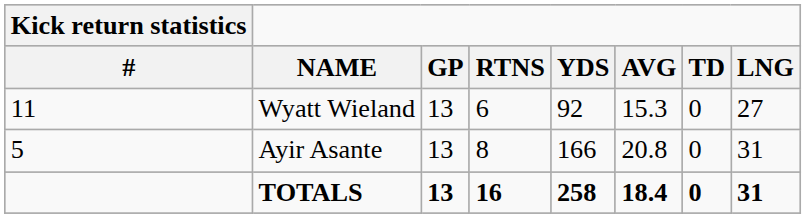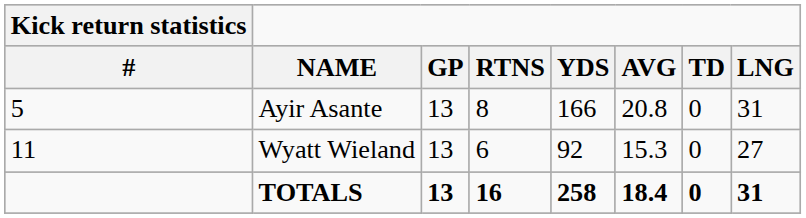 <table class="wikitable collapsible">
 <tr>
 <th style="text-align:center; ">Kick return statistics</th>
 </tr>
 <tr>
 <th>#</th>
 <th>NAME</th>
 <th>GP</th>
 <th>RTNS</th>
 <th>YDS</th>
 <th>AVG</th>
 <th>TD</th>
 <th>LNG</th>
 </tr>
 <tr>
+<td>5</td>
+<td>Ayir Asante</td>
+<td>13</td>
+<td>8</td>
+<td>166</td>
+<td>20.8</td>
+<td>0</td>
+<td>31</td>
+</tr>
+<tr>
 <td>11</td>
 <td>Wyatt Wieland</td>
 <td>13</td>
 <td>6</td>
 <td>92</td>
 <td>15.3</td>
 <td>0</td>
 <td>27</td>
-</tr>
-<tr>
-<td>5</td>
-<td>Ayir Asante</td>
-<td>13</td>
-<td>8</td>
-<td>166</td>
-<td>20.8</td>
-<td>0</td>
-<td>31</td>
 </tr>
 <tr>
 <td></td>
 <td><strong>TOTALS</strong></td>
 <td><strong>13</strong></td>
 <td><strong>16</strong></td>
 <td><strong>258</strong></td>
 <td><strong>18.4</strong></td>
 <td><strong>0</strong></td>
 <td><strong>31</strong></td>
 </tr>
 </table>
